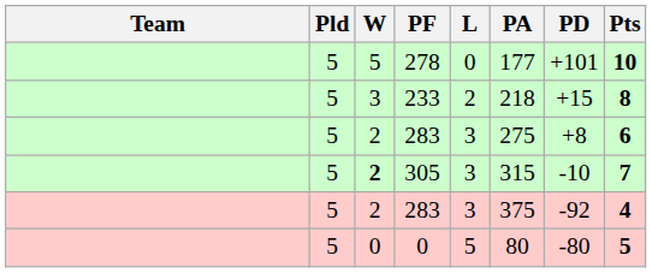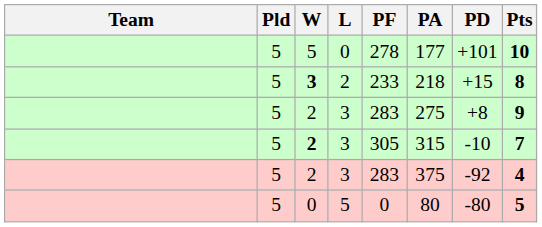 <table class="wikitable" style="text-align:center;">
 <tr>
 <th width=200>Team</th>
 <th width=20>Pld</th>
 <th width=20>W</th>
+<th width=20>L</th>
 <th width=30>PF</th>
-<th width=20>L</th>
 <th width=30>PA</th>
 <th width=30>PD</th>
 <th width=20>Pts</th>
 </tr>
 <tr style="background:#cfc;">
 <td align=left></td>
 <td>5</td>
 <td>5</td>
+<td>0</td>
 <td>278</td>
-<td>0</td>
 <td>177</td>
 <td>+101</td>
 <td><strong>10</strong></td>
 </tr>
 <tr style="background:#cfc;">
 <td align=left></td>
 <td>5</td>
-<td>3</td>
+<td><strong>3</strong></td>
+<td>2</td>
 <td>233</td>
-<td>2</td>
 <td>218</td>
 <td>+15</td>
 <td><strong>8</strong></td>
 </tr>
 <tr style="background:#cfc;">
 <td align=left></td>
 <td>5</td>
 <td>2</td>
+<td>3</td>
 <td>283</td>
-<td>3</td>
 <td>275</td>
 <td>+8</td>
-<td><strong>6</strong></td>
+<td><strong>9</strong></td>
 </tr>
 <tr style="background:#cfc;">
 <td align=left></td>
 <td>5</td>
 <td><strong>2</strong></td>
+<td>3</td>
 <td>305</td>
-<td>3</td>
 <td>315</td>
 <td>-10</td>
 <td><strong>7</strong></td>
 </tr>
 <tr style="background:#fcc;">
 <td align=left></td>
 <td>5</td>
 <td>2</td>
+<td>3</td>
 <td>283</td>
-<td>3</td>
 <td>375</td>
 <td>-92</td>
 <td><strong>4</strong></td>
 </tr>
 <tr style="background:#fcc;">
 <td align=left></td>
 <td>5</td>
 <td>0</td>
+<td>5</td>
 <td>0</td>
-<td>5</td>
 <td>80</td>
 <td>-80</td>
 <td><strong>5</strong></td>
 </tr>
 </table>
